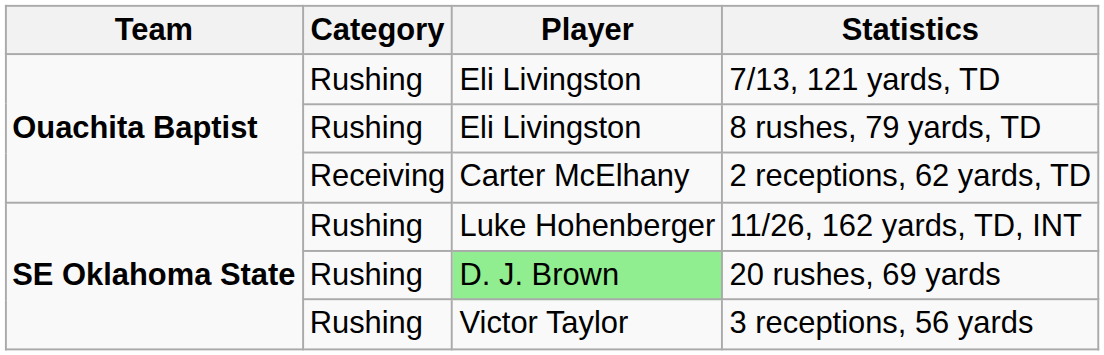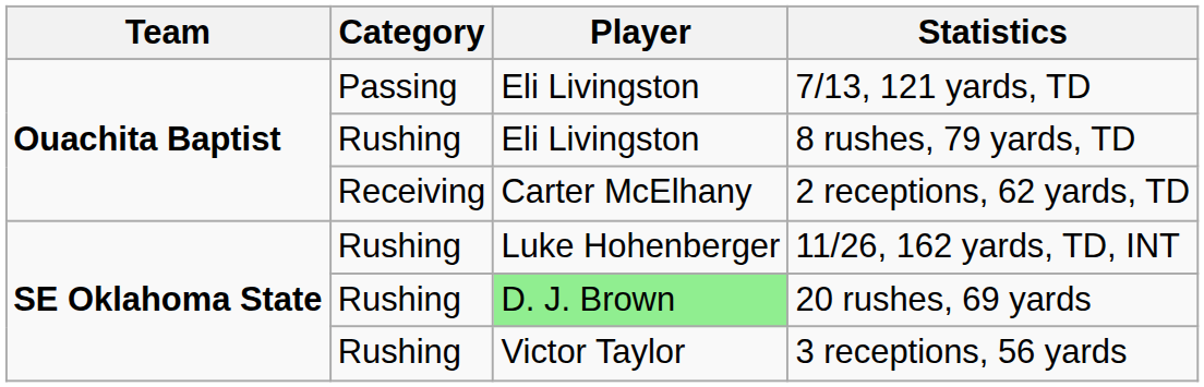 <table class="wikitable" style="float: right;">
 <tr>
 <th>Team</th>
 <th>Category</th>
 <th>Player</th>
 <th>Statistics</th>
 </tr>
 <tr>
 <td rowspan=3><strong>Ouachita Baptist</strong></td>
-<td>Rushing</td>
+<td>Passing</td>
 <td>Eli Livingston</td>
 <td>7/13, 121 yards, TD</td>
 </tr>
 <tr>
 <td>Rushing</td>
 <td>Eli Livingston</td>
 <td>8 rushes, 79 yards, TD</td>
 </tr>
 <tr>
 <td>Receiving</td>
 <td>Carter McElhany</td>
 <td>2 receptions, 62 yards, TD</td>
 </tr>
 <tr>
 <td rowspan=3><strong>SE Oklahoma State</strong></td>
 <td>Rushing</td>
 <td>Luke Hohenberger</td>
 <td>11/26, 162 yards, TD, INT</td>
 </tr>
 <tr>
 <td>Rushing</td>
 <td style="background: lightgreen;">D. J. Brown</td>
 <td>20 rushes, 69 yards</td>
 </tr>
 <tr>
 <td>Rushing</td>
 <td>Victor Taylor</td>
 <td>3 receptions, 56 yards</td>
 </tr>
 </table>
